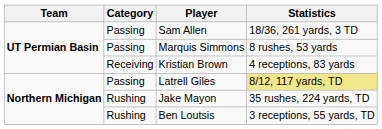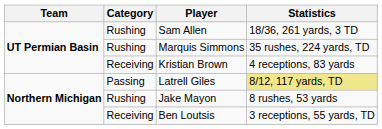 <table class="wikitable" style="float: right;">
 <tr>
 <th>Team</th>
 <th>Category</th>
 <th>Player</th>
 <th>Statistics</th>
 </tr>
 <tr>
 <td rowspan=3><strong>UT Permian Basin</strong></td>
-<td>Passing</td>
+<td>Rushing</td>
 <td>Sam Allen</td>
 <td>18/36, 261 yards, 3 TD</td>
 </tr>
 <tr>
-<td>Passing</td>
+<td>Rushing</td>
 <td>Marquis Simmons</td>
-<td>8 rushes, 53 yards</td>
+<td>35 rushes, 224 yards, TD</td>
 </tr>
 <tr>
 <td>Receiving</td>
 <td>Kristian Brown</td>
 <td>4 receptions, 83 yards</td>
 </tr>
 <tr>
 <td rowspan=3><strong>Northern Michigan</strong></td>
 <td>Passing</td>
 <td>Latrell Giles</td>
 <td style="background: khaki;">8/12, 117 yards, TD</td>
 </tr>
 <tr>
 <td>Rushing</td>
 <td>Jake Mayon</td>
-<td>35 rushes, 224 yards, TD</td>
+<td>8 rushes, 53 yards</td>
 </tr>
 <tr>
-<td>Rushing</td>
+<td>Receiving</td>
 <td>Ben Loutsis</td>
 <td>3 receptions, 55 yards, TD</td>
 </tr>
 </table>
